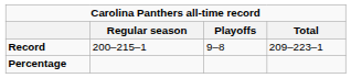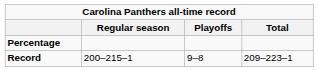 <table class="wikitable" style="width:40%; height:100px; margin:0.5em 0.5em;" border="1">
 <tr>
 <td colspan="4" style="text-align:center; "><strong>Carolina Panthers all-time record</strong></td>
 </tr>
 <tr>
 <th style="text-align:center; "></th>
 <th style="text-align:center; ">Regular season</th>
 <th style="text-align:center; ">Playoffs</th>
 <th style="text-align:center; ">Total</th>
 </tr>
 <tr>
+<td><strong>Percentage</strong></td>
+<td></td>
+<td></td>
+<td></td>
+</tr>
+<tr>
 <td><strong>Record</strong></td>
 <td>200–215–1</td>
 <td>9–8</td>
 <td>209–223–1</td>
 </tr>
-<tr>
-<td><strong>Percentage</strong></td>
-<td></td>
-<td></td>
-<td></td>
-</tr>
 </table>
